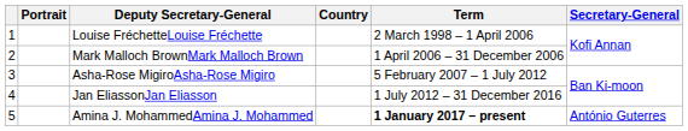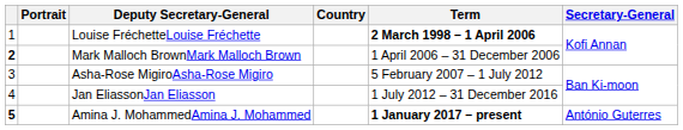 <table class="wikitable sortable"  style="background:white; ">
 <tr>
 <th></th>
 <th class="unsortable">Portrait</th>
 <th>Deputy Secretary-General</th>
 <th>Country</th>
 <th>Term</th>
 <th><a href='#'>Secretary-General</a></th>
 </tr>
 <tr>
 <td>1</td>
 <td align=center></td>
 <td><span>Louise Fréchette</span><a href='#'>Louise Fréchette</a></td>
 <td></td>
-<td>2 March 1998 – 1 April 2006</td>
+<td><strong>2 March 1998 – 1 April 2006</strong></td>
 <td rowspan=2> <a href='#'>Kofi Annan</a></td>
 </tr>
 <tr>
-<td>2</td>
+<td><strong>2</strong></td>
 <td align=center></td>
 <td><span>Mark Malloch Brown</span><a href='#'>Mark Malloch Brown</a></td>
 <td></td>
 <td>1 April 2006 – 31 December 2006</td>
 </tr>
 <tr>
 <td>3</td>
 <td align=center></td>
 <td><span>Asha-Rose Migiro</span><a href='#'>Asha-Rose Migiro</a></td>
 <td></td>
 <td>5 February 2007 – 1 July 2012</td>
 <td rowspan=2> <a href='#'>Ban Ki-moon</a></td>
 </tr>
 <tr>
 <td>4</td>
 <td align=center></td>
 <td><span>Jan Eliasson</span><a href='#'>Jan Eliasson</a></td>
 <td></td>
 <td>1 July 2012 – 31 December 2016</td>
 </tr>
 <tr>
-<td>5</td>
+<td><strong>5</strong></td>
 <td align=center></td>
 <td><span>Amina J. Mohammed</span><a href='#'>Amina J. Mohammed</a></td>
 <td></td>
 <td><strong>1 January 2017 – present</strong></td>
 <td> <a href='#'>António Guterres</a></td>
 </tr>
 </table>
